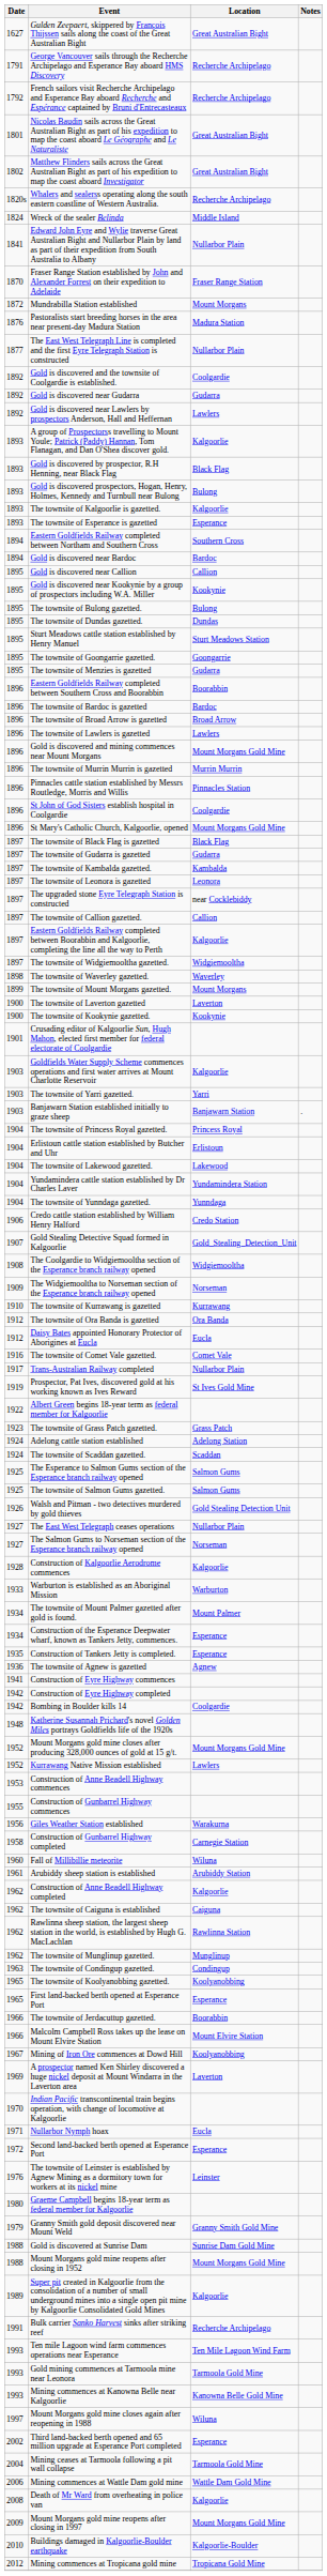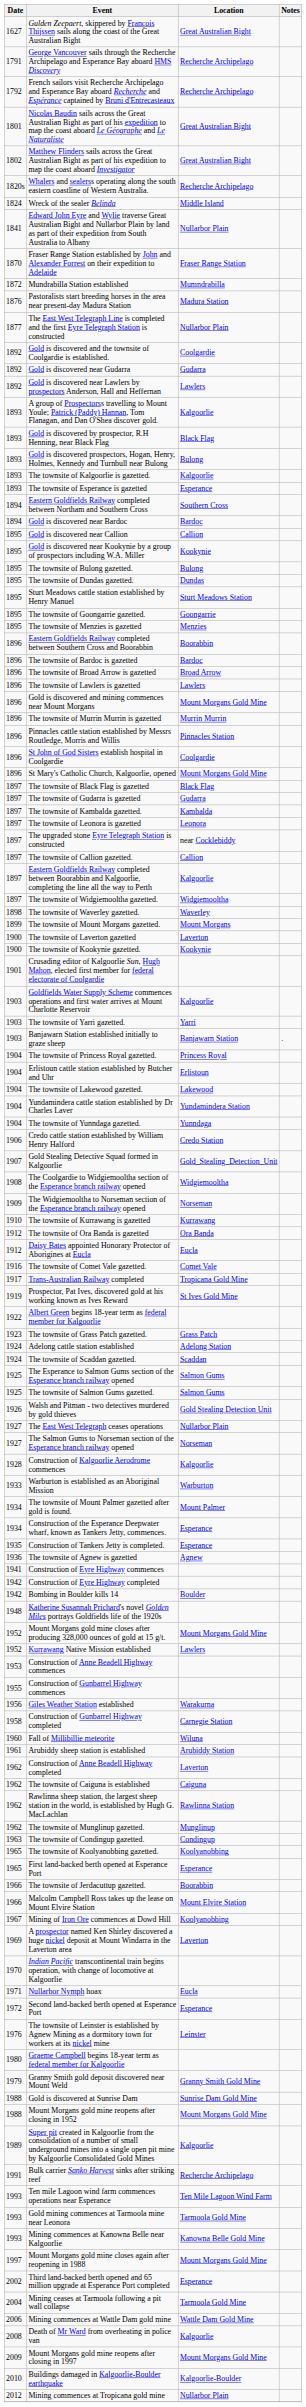 <table class=wikitable>
 <tr>
 <th>Date</th>
 <th>Event</th>
 <th>Location</th>
 <th>Notes</th>
 </tr>
 <tr>
 <td>1627</td>
 <td><em>Gulden Zeepaert</em>, skippered by <a href='#'>François Thijssen</a> sails along the coast of the Great Australian Bight</td>
 <td><a href='#'>Great Australian Bight</a></td>
 <td></td>
 </tr>
 <tr>
 <td>1791</td>
 <td><a href='#'>George Vancouver</a> sails through the Recherche Archipelago and Esperance Bay aboard <a href='#'>HMS <em>Discovery</em></a></td>
 <td><a href='#'>Recherche Archipelago</a></td>
 <td></td>
 </tr>
 <tr>
 <td>1792</td>
 <td>French sailors visit Recherche Archipelago and Esperance Bay aboard <em><a href='#'>Recherche</a></em> and <em><a href='#'>Espérance</a></em> captained by <a href='#'>Bruni d'Entrecasteaux</a></td>
 <td><a href='#'>Recherche Archipelago</a></td>
 <td></td>
 </tr>
 <tr>
 <td>1801</td>
 <td><a href='#'>Nicolas Baudin</a> sails across the Great Australian Bight as part of his <a href='#'>expedition</a> to map the coast aboard <a href='#'><em>Le Géographe</em></a> and <a href='#'><em>Le Naturaliste</em></a></td>
 <td><a href='#'>Great Australian Bight</a></td>
 <td></td>
 </tr>
 <tr>
 <td>1802</td>
 <td><a href='#'>Matthew Flinders</a> sails across the Great Australian Bight as part of his expedition to map the coast aboard <em><a href='#'>Investigator</a></em></td>
 <td><a href='#'>Great Australian Bight</a></td>
 <td></td>
 </tr>
 <tr>
 <td>1820s</td>
 <td><a href='#'>Whalers</a> and <a href='#'>sealers</a>s operating along the south eastern coastline of Western Australia.</td>
 <td><a href='#'>Recherche Archipelago</a></td>
 <td></td>
 </tr>
 <tr>
 <td>1824</td>
 <td>Wreck of the sealer <em><a href='#'>Belinda</a></em></td>
 <td><a href='#'>Middle Island</a></td>
 <td></td>
 </tr>
 <tr>
 <td>1841</td>
 <td><a href='#'>Edward John Eyre</a> and <a href='#'>Wylie</a> traverse Great Australian Bight and Nullarbor Plain by land as part of their expedition from South Australia to Albany</td>
 <td><a href='#'>Nullarbor Plain</a></td>
 <td></td>
 </tr>
 <tr>
 <td>1870</td>
 <td>Fraser Range Station established by <a href='#'>John</a> and <a href='#'>Alexander Forrest</a> on their expedition to <a href='#'>Adelaide</a></td>
 <td><a href='#'>Fraser Range Station</a></td>
 <td></td>
 </tr>
 <tr>
 <td>1872</td>
 <td>Mundrabilla Station established</td>
-<td><a href='#'>Mount Morgans</a></td>
+<td><a href='#'>Mumndrabilla</a></td>
 <td></td>
 </tr>
 <tr>
 <td>1876</td>
 <td>Pastoralists start breeding horses in the area near present-day Madura Station</td>
 <td><a href='#'>Madura Station</a></td>
 <td></td>
 </tr>
 <tr>
 <td>1877</td>
 <td>The <a href='#'>East West Telegraph Line</a> is completed and the first <a href='#'>Eyre Telegraph Station</a> is constructed</td>
 <td><a href='#'>Nullarbor Plain</a></td>
 <td></td>
 </tr>
 <tr>
 <td>1892</td>
 <td><a href='#'>Gold</a> is discovered and the townsite of Coolgardie is established.</td>
 <td><a href='#'>Coolgardie</a></td>
 <td></td>
 </tr>
 <tr>
 <td>1892</td>
 <td><a href='#'>Gold</a> is discovered near Gudarra</td>
 <td><a href='#'>Gudarra</a></td>
 <td></td>
 </tr>
 <tr>
 <td>1892</td>
 <td><a href='#'>Gold</a> is discovered near Lawlers by <a href='#'>prospectors</a> Anderson, Hall and Heffernan</td>
 <td><a href='#'>Lawlers</a></td>
 <td></td>
 </tr>
 <tr>
 <td>1893</td>
 <td>A group of <a href='#'>Prospectors</a>s travelling to Mount Youle; <a href='#'>Patrick (Paddy) Hannan</a>, Tom Flanagan, and Dan O'Shea discover gold.</td>
 <td><a href='#'>Kalgoorlie</a></td>
 <td></td>
 </tr>
 <tr>
 <td>1893</td>
 <td><a href='#'>Gold</a> is discovered by prospector, R.H Henning, near Black Flag</td>
 <td><a href='#'>Black Flag</a></td>
 <td></td>
 </tr>
 <tr>
 <td>1893</td>
 <td><a href='#'>Gold</a> is discovered prospectors, Hogan, Henry, Holmes, Kennedy and Turnbull near Bulong</td>
 <td><a href='#'>Bulong</a></td>
 <td></td>
 </tr>
 <tr>
 <td>1893</td>
 <td>The townsite of Kalgoorlie is gazetted.</td>
 <td><a href='#'>Kalgoorlie</a></td>
 <td></td>
 </tr>
 <tr>
 <td>1893</td>
 <td>The townsite of Esperance is gazetted</td>
 <td><a href='#'>Esperance</a></td>
 <td></td>
 </tr>
 <tr>
 <td>1894</td>
 <td><a href='#'>Eastern Goldfields Railway</a> completed between Northam and Southern Cross</td>
 <td><a href='#'>Southern Cross</a></td>
 <td></td>
 </tr>
 <tr>
 <td>1894</td>
 <td><a href='#'>Gold</a> is discovered near Bardoc</td>
 <td><a href='#'>Bardoc</a></td>
 <td></td>
 </tr>
 <tr>
 <td>1895</td>
 <td><a href='#'>Gold</a> is discovered near Callion</td>
 <td><a href='#'>Callion</a></td>
 <td></td>
 </tr>
 <tr>
 <td>1895</td>
 <td><a href='#'>Gold</a> is discovered near Kookynie by a group of prospectors including W.A. Miller</td>
 <td><a href='#'>Kookynie</a></td>
 <td></td>
 </tr>
 <tr>
 <td>1895</td>
 <td>The townsite of Bulong gazetted.</td>
 <td><a href='#'>Bulong</a></td>
 <td></td>
 </tr>
 <tr>
 <td>1895</td>
 <td>The townsite of Dundas gazetted.</td>
 <td><a href='#'>Dundas</a></td>
 <td></td>
 </tr>
 <tr>
 <td>1895</td>
 <td>Sturt Meadows cattle station established by Henry Manuel</td>
 <td><a href='#'>Sturt Meadows Station</a></td>
 <td></td>
 </tr>
 <tr>
 <td>1895</td>
 <td>The townsite of Goongarrie gazetted.</td>
 <td><a href='#'>Goongarrie</a></td>
 <td></td>
 </tr>
 <tr>
 <td>1895</td>
 <td>The townsite of Menzies is gazetted</td>
-<td><a href='#'>Gudarra</a></td>
+<td><a href='#'>Menzies</a></td>
 <td></td>
 </tr>
 <tr>
 <td>1896</td>
 <td><a href='#'>Eastern Goldfields Railway</a> completed between Southern Cross and Boorabbin</td>
 <td><a href='#'>Boorabbin</a></td>
 <td></td>
 </tr>
 <tr>
 <td>1896</td>
 <td>The townsite of Bardoc is gazetted</td>
 <td><a href='#'>Bardoc</a></td>
 <td></td>
 </tr>
 <tr>
 <td>1896</td>
 <td>The townsite of Broad Arrow is gazetted</td>
 <td><a href='#'>Broad Arrow</a></td>
 <td></td>
 </tr>
 <tr>
 <td>1896</td>
 <td>The townsite of Lawlers is gazetted</td>
 <td><a href='#'>Lawlers</a></td>
 <td></td>
 </tr>
 <tr>
 <td>1896</td>
 <td>Gold is discovered and mining commences near Mount Morgans</td>
 <td><a href='#'>Mount Morgans Gold Mine</a></td>
 <td></td>
 </tr>
 <tr>
 <td>1896</td>
 <td>The townsite of Murrin Murrin is gazetted</td>
 <td><a href='#'>Murrin Murrin</a></td>
 <td></td>
 </tr>
 <tr>
 <td>1896</td>
 <td>Pinnacles cattle station established by Messrs Routledge, Morris and Willis</td>
 <td><a href='#'>Pinnacles Station</a></td>
 <td></td>
 </tr>
 <tr>
 <td>1896</td>
 <td><a href='#'>St John of God Sisters</a> establish hospital in Coolgardie</td>
 <td><a href='#'>Coolgardie</a></td>
 <td></td>
 </tr>
 <tr>
 <td>1896</td>
 <td>St Mary's Catholic Church, Kalgoorlie, opened</td>
 <td><a href='#'>Mount Morgans Gold Mine</a></td>
 <td></td>
 </tr>
 <tr>
 <td>1897</td>
 <td>The townsite of Black Flag is gazetted</td>
 <td><a href='#'>Black Flag</a></td>
 <td></td>
 </tr>
 <tr>
 <td>1897</td>
 <td>The townsite of Gudarra is gazetted</td>
 <td><a href='#'>Gudarra</a></td>
 <td></td>
 </tr>
 <tr>
 <td>1897</td>
 <td>The townsite of Kambalda gazetted.</td>
 <td><a href='#'>Kambalda</a></td>
 <td></td>
 </tr>
 <tr>
 <td>1897</td>
 <td>The townsite of Leonora is gazetted</td>
 <td><a href='#'>Leonora</a></td>
 <td></td>
 </tr>
 <tr>
 <td>1897</td>
 <td>The upgraded stone <a href='#'>Eyre Telegraph Station</a> is constructed</td>
 <td>near <a href='#'>Cocklebiddy</a></td>
 <td></td>
 </tr>
 <tr>
 <td>1897</td>
 <td>The townsite of Callion gazetted.</td>
 <td><a href='#'>Callion</a></td>
 <td></td>
 </tr>
 <tr>
 <td>1897</td>
 <td><a href='#'>Eastern Goldfields Railway</a> completed between Boorabbin and Kalgoorlie, completing the line all the way to Perth</td>
 <td><a href='#'>Kalgoorlie</a></td>
 <td></td>
 </tr>
 <tr>
 <td>1897</td>
 <td>The townsite of Widgiemooltha gazetted.</td>
 <td><a href='#'>Widgiemooltha</a></td>
 <td></td>
 </tr>
 <tr>
 <td>1898</td>
 <td>The townsite of Waverley gazetted.</td>
 <td><a href='#'>Waverley</a></td>
 <td></td>
 </tr>
 <tr>
 <td>1899</td>
 <td>The townsite of Mount Morgans gazetted.</td>
 <td><a href='#'>Mount Morgans</a></td>
 <td></td>
 </tr>
 <tr>
 <td>1900</td>
 <td>The townsite of Laverton gazetted</td>
 <td><a href='#'>Laverton</a></td>
 <td></td>
 </tr>
 <tr>
 <td>1900</td>
 <td>The townsite of Kookynie gazetted.</td>
 <td><a href='#'>Kookynie</a></td>
 <td></td>
 </tr>
 <tr>
 <td>1901</td>
 <td>Crusading editor of Kalgoorlie <em>Sun</em>, <a href='#'>Hugh Mahon</a>, elected first member for <a href='#'>federal electorate of Coolgardie</a></td>
 <td></td>
 <td></td>
 </tr>
 <tr>
 <td>1903</td>
 <td><a href='#'>Goldfields Water Supply Scheme</a> commences operations and first water arrives at Mount Charlotte Reservoir</td>
 <td><a href='#'>Kalgoorlie</a></td>
 <td></td>
 </tr>
 <tr>
 <td>1903</td>
 <td>The townsite of Yarri gazetted.</td>
 <td><a href='#'>Yarri</a></td>
 <td></td>
 </tr>
 <tr>
 <td>1903</td>
 <td>Banjawarn Station established initially to graze sheep</td>
 <td><a href='#'>Banjawarn Station</a></td>
 <td>.</td>
 </tr>
 <tr>
 <td>1904</td>
 <td>The townsite of Princess Royal gazetted.</td>
 <td><a href='#'>Princess Royal</a></td>
 <td></td>
 </tr>
 <tr>
 <td>1904</td>
 <td>Erlistoun cattle station established by Butcher and Uhr</td>
 <td><a href='#'>Erlistoun</a></td>
 <td></td>
 </tr>
 <tr>
 <td>1904</td>
 <td>The townsite of Lakewood gazetted.</td>
 <td><a href='#'>Lakewood</a></td>
 <td></td>
 </tr>
 <tr>
 <td>1904</td>
 <td>Yundamindera cattle station established by Dr Charles Laver</td>
 <td><a href='#'>Yundamindera Station</a></td>
 <td></td>
 </tr>
 <tr>
 <td>1904</td>
 <td>The townsite of Yunndaga gazetted.</td>
 <td><a href='#'>Yunndaga</a></td>
 <td></td>
 </tr>
 <tr>
 <td>1906</td>
 <td>Credo cattle station established by William Henry Halford</td>
 <td><a href='#'>Credo Station</a></td>
 <td></td>
 </tr>
 <tr>
 <td>1907</td>
 <td>Gold Stealing Detective Squad formed in Kalgoorlie</td>
 <td><a href='#'>Gold_Stealing_Detection_Unit</a></td>
 <td></td>
 </tr>
 <tr>
 <td>1908</td>
 <td>The Coolgardie to Widgiemooltha section of the <a href='#'>Esperance branch railway</a> opened</td>
 <td><a href='#'>Widgiemooltha</a></td>
 <td></td>
 </tr>
 <tr>
 <td>1909</td>
 <td>The Widgiemooltha to Norseman section of the <a href='#'>Esperance branch railway</a> opened</td>
 <td><a href='#'>Norseman</a></td>
 <td></td>
 </tr>
 <tr>
 <td>1910</td>
 <td>The townsite of Kurrawang is gazetted</td>
 <td><a href='#'>Kurrawang</a></td>
 <td></td>
 </tr>
 <tr>
 <td>1912</td>
 <td>The townsite of Ora Banda is gazetted</td>
 <td><a href='#'>Ora Banda</a></td>
 <td></td>
 </tr>
 <tr>
 <td>1912</td>
 <td><a href='#'>Daisy Bates</a> appointed Honorary Protector of Aborigines at <a href='#'>Eucla</a></td>
 <td><a href='#'>Eucla</a></td>
 <td></td>
 </tr>
 <tr>
 <td>1916</td>
 <td>The townsite of Comet Vale gazetted.</td>
 <td><a href='#'>Comet Vale</a></td>
 <td></td>
 </tr>
 <tr>
 <td>1917</td>
 <td><a href='#'>Trans-Australian Railway</a> completed</td>
-<td><a href='#'>Nullarbor Plain</a></td>
+<td><a href='#'>Tropicana Gold Mine</a></td>
 <td></td>
 </tr>
 <tr>
 <td>1919</td>
 <td>Prospector, Pat Ives, discovered gold at his working known as Ives Reward</td>
 <td><a href='#'>St Ives Gold Mine</a></td>
 <td></td>
 </tr>
 <tr>
 <td>1922</td>
 <td><a href='#'>Albert Green</a> begins 18-year term as <a href='#'>federal member for Kalgoorlie</a></td>
 <td></td>
 <td></td>
 </tr>
 <tr>
 <td>1923</td>
 <td>The townsite of Grass Patch gazetted.</td>
 <td><a href='#'>Grass Patch</a></td>
 <td></td>
 </tr>
 <tr>
 <td>1924</td>
 <td>Adelong cattle station established</td>
 <td><a href='#'>Adelong Station</a></td>
 <td></td>
 </tr>
 <tr>
 <td>1924</td>
 <td>The townsite of Scaddan gazetted.</td>
 <td><a href='#'>Scaddan</a></td>
 <td></td>
 </tr>
 <tr>
 <td>1925</td>
 <td>The Esperance to Salmon Gums section of the <a href='#'>Esperance branch railway</a> opened</td>
 <td><a href='#'>Salmon Gums</a></td>
 <td></td>
 </tr>
 <tr>
 <td>1925</td>
 <td>The townsite of Salmon Gums gazetted.</td>
 <td><a href='#'>Salmon Gums</a></td>
 <td></td>
 </tr>
 <tr>
 <td>1926</td>
 <td>Walsh and Pitman - two detectives murdered by gold thieves</td>
 <td><a href='#'>Gold Stealing Detection Unit</a></td>
 <td></td>
 </tr>
 <tr>
 <td>1927</td>
 <td>The <a href='#'>East West Telegraph</a> ceases operations</td>
 <td><a href='#'>Nullarbor Plain</a></td>
 <td></td>
 </tr>
 <tr>
 <td>1927</td>
 <td>The Salmon Gums to Norseman section of the <a href='#'>Esperance branch railway</a> opened</td>
 <td><a href='#'>Norseman</a></td>
 <td></td>
 </tr>
 <tr>
 <td>1928</td>
 <td>Construction of <a href='#'>Kalgoorlie Aerodrome</a> commences</td>
 <td><a href='#'>Kalgoorlie</a></td>
 <td></td>
 </tr>
 <tr>
 <td>1933</td>
 <td>Warburton is established as an Aboriginal Mission</td>
 <td><a href='#'>Warburton</a></td>
 <td></td>
 </tr>
 <tr>
 <td>1934</td>
 <td>The townsite of Mount Palmer gazetted after gold is found.</td>
 <td><a href='#'>Mount Palmer</a></td>
 <td></td>
 </tr>
 <tr>
 <td>1934</td>
 <td>Construction of the Esperance Deepwater wharf, known as Tankers Jetty, commences.</td>
 <td><a href='#'>Esperance</a></td>
 <td></td>
 </tr>
 <tr>
 <td>1935</td>
 <td>Construction of Tankers Jetty is completed.</td>
 <td><a href='#'>Esperance</a></td>
 <td></td>
 </tr>
 <tr>
 <td>1936</td>
 <td>The townsite of Agnew is gazetted</td>
 <td><a href='#'>Agnew</a></td>
 <td></td>
 </tr>
 <tr>
 <td>1941</td>
 <td>Construction of <a href='#'>Eyre Highway</a> commences</td>
 <td></td>
 <td></td>
 </tr>
 <tr>
 <td>1942</td>
 <td>Construction of <a href='#'>Eyre Highway</a> completed</td>
 <td></td>
 <td></td>
 </tr>
 <tr>
 <td>1942</td>
 <td>Bombing in Boulder kills 14</td>
-<td><a href='#'>Coolgardie</a></td>
+<td><a href='#'>Boulder</a></td>
 <td></td>
 </tr>
 <tr>
 <td>1948</td>
 <td><a href='#'>Katherine Susannah Prichard</a>'s novel <em><a href='#'>Golden Miles</a></em> portrays Goldfields life of the 1920s</td>
 <td></td>
 <td></td>
 </tr>
 <tr>
 <td>1952</td>
 <td>Mount Morgans gold mine closes after producing 328,000 ounces of gold at 15 g/t.</td>
 <td><a href='#'>Mount Morgans Gold Mine</a></td>
 <td></td>
 </tr>
 <tr>
 <td>1952</td>
 <td><a href='#'>Kurrawang</a> Native Mission established</td>
 <td><a href='#'>Lawlers</a></td>
 <td></td>
 </tr>
 <tr>
 <td>1953</td>
 <td>Construction of <a href='#'>Anne Beadell Highway</a> commences</td>
 <td></td>
 <td></td>
 </tr>
 <tr>
 <td>1955</td>
 <td>Construction of <a href='#'>Gunbarrel Highway</a> commences</td>
 <td></td>
 <td></td>
 </tr>
 <tr>
 <td>1956</td>
 <td><a href='#'>Giles Weather Station</a> established</td>
 <td><a href='#'>Warakurna</a></td>
 <td></td>
 </tr>
 <tr>
 <td>1958</td>
 <td>Construction of <a href='#'>Gunbarrel Highway</a> completed</td>
 <td><a href='#'>Carnegie Station</a></td>
 <td></td>
 </tr>
 <tr>
 <td>1960</td>
 <td>Fall of <a href='#'>Millibillie meteorite</a></td>
 <td><a href='#'>Wiluna</a></td>
 <td></td>
 </tr>
 <tr>
 <td>1961</td>
 <td>Arubiddy sheep station is established</td>
 <td><a href='#'>Arubiddy Station</a></td>
 <td></td>
 </tr>
 <tr>
 <td>1962</td>
 <td>Construction of <a href='#'>Anne Beadell Highway</a> completed</td>
-<td><a href='#'>Kalgoorlie</a></td>
+<td><a href='#'>Laverton</a></td>
 <td></td>
 </tr>
 <tr>
 <td>1962</td>
 <td>The townsite of Caiguna is established</td>
 <td><a href='#'>Caiguna</a></td>
 <td></td>
 </tr>
 <tr>
 <td>1962</td>
 <td>Rawlinna sheep station, the largest sheep station in the world, is established by Hugh G. MacLachlan</td>
 <td><a href='#'>Rawlinna Station</a></td>
 <td></td>
 </tr>
 <tr>
 <td>1962</td>
 <td>The townsite of Munglinup gazetted.</td>
 <td><a href='#'>Munglinup</a></td>
 <td></td>
 </tr>
 <tr>
 <td>1963</td>
 <td>The townsite of Condingup gazetted.</td>
 <td><a href='#'>Condingup</a></td>
 <td></td>
 </tr>
 <tr>
 <td>1965</td>
 <td>The townsite of Koolyanobbing gazetted.</td>
 <td><a href='#'>Koolyanobbing</a></td>
 <td></td>
 </tr>
 <tr>
 <td>1965</td>
 <td>First land-backed berth opened at Esperance Port</td>
 <td><a href='#'>Esperance</a></td>
 <td></td>
 </tr>
 <tr>
 <td>1966</td>
 <td>The townsite of Jerdacuttup gazetted.</td>
 <td><a href='#'>Boorabbin</a></td>
 <td></td>
 </tr>
 <tr>
 <td>1966</td>
 <td>Malcolm Campbell Ross takes up the lease on Mount Elvire Station</td>
 <td><a href='#'>Mount Elvire Station</a></td>
 <td></td>
 </tr>
 <tr>
 <td>1967</td>
 <td>Mining of <a href='#'>Iron Ore</a> commences at Dowd Hill</td>
 <td><a href='#'>Koolyanobbing</a></td>
 <td></td>
 </tr>
 <tr>
 <td>1969</td>
 <td>A <a href='#'>prospector</a> named Ken Shirley discovered a huge <a href='#'>nickel</a> deposit at Mount Windarra in the Laverton area</td>
 <td><a href='#'>Laverton</a></td>
 <td></td>
 </tr>
 <tr>
 <td>1970</td>
 <td><em><a href='#'>Indian Pacific</a></em> transcontinental train begins operation, with change of locomotive at Kalgoorlie</td>
 <td></td>
 </tr>
 <tr>
 <td>1971</td>
 <td><a href='#'>Nullarbor Nymph</a> hoax</td>
 <td><a href='#'>Eucla</a></td>
 <td></td>
 </tr>
 <tr>
 <td>1972</td>
 <td>Second land-backed berth opened at Esperance Port</td>
 <td><a href='#'>Esperance</a></td>
 <td></td>
 </tr>
 <tr>
 <td>1976</td>
 <td>The townsite of Leinster is established by Agnew Mining as a dormitory town for workers at its <a href='#'>nickel</a> mine</td>
 <td><a href='#'>Leinster</a></td>
 <td></td>
 </tr>
 <tr>
 <td>1980</td>
 <td><a href='#'>Graeme Campbell</a> begins 18-year term as <a href='#'>federal member for Kalgoorlie</a></td>
 <td></td>
 <td></td>
 </tr>
 <tr>
 <td>1979</td>
 <td>Granny Smith gold deposit discovered near Mount Weld</td>
 <td><a href='#'>Granny Smith Gold Mine</a></td>
 <td></td>
 </tr>
 <tr>
 <td>1988</td>
 <td>Gold is discovered at Sunrise Dam</td>
 <td><a href='#'>Sunrise Dam Gold Mine</a></td>
 <td></td>
 </tr>
 <tr>
 <td>1988</td>
 <td>Mount Morgans gold mine reopens after closing in 1952</td>
 <td><a href='#'>Mount Morgans Gold Mine</a></td>
 <td></td>
 </tr>
 <tr>
 <td>1989</td>
 <td><a href='#'>Super pit</a> created in Kalgoorlie from the consolidation of a number of small underground mines into a single open pit mine by Kalgoorlie Consolidated Gold Mines</td>
 <td><a href='#'>Kalgoorlie</a></td>
 <td></td>
 </tr>
 <tr>
 <td>1991</td>
 <td>Bulk carrier <em><a href='#'>Sanko Harvest</a></em> sinks after striking reef</td>
 <td><a href='#'>Recherche Archipelago</a></td>
 <td></td>
 </tr>
 <tr>
 <td>1993</td>
 <td>Ten mile Lagoon wind farm commences operations near Esperance</td>
 <td><a href='#'>Ten Mile Lagoon Wind Farm</a></td>
 <td></td>
 </tr>
 <tr>
 <td>1993</td>
 <td>Gold mining commences at Tarmoola mine near Leonora</td>
 <td><a href='#'>Tarmoola Gold Mine</a></td>
 <td></td>
 </tr>
 <tr>
 <td>1993</td>
 <td>Mining commences at Kanowna Belle near Kalgoorlie</td>
 <td><a href='#'>Kanowna Belle Gold Mine</a></td>
 <td></td>
 </tr>
 <tr>
 <td>1997</td>
 <td>Mount Morgans gold mine closes again after reopening in 1988</td>
-<td><a href='#'>Wiluna</a></td>
+<td><a href='#'>Mount Morgans Gold Mine</a></td>
 <td></td>
 </tr>
 <tr>
 <td>2002</td>
 <td>Third land-backed berth opened and 65 million upgrade at Esperance Port completed</td>
 <td><a href='#'>Esperance</a></td>
 <td></td>
 </tr>
 <tr>
 <td>2004</td>
 <td>Mining ceases at Tarmoola following a pit wall collapse</td>
 <td><a href='#'>Tarmoola Gold Mine</a></td>
 <td></td>
 </tr>
 <tr>
 <td>2006</td>
 <td>Mining commences at Wattle Dam gold mine</td>
 <td><a href='#'>Wattle Dam Gold Mine</a></td>
 <td></td>
 </tr>
 <tr>
 <td>2008</td>
 <td>Death of <a href='#'>Mr Ward</a> from overheating in police van</td>
 <td><a href='#'>Kalgoorlie</a></td>
 <td></td>
 </tr>
 <tr>
 <td>2009</td>
 <td>Mount Morgans gold mine reopens after closing in 1997</td>
 <td><a href='#'>Mount Morgans Gold Mine</a></td>
 <td></td>
 </tr>
 <tr>
 <td>2010</td>
 <td>Buildings damaged in <a href='#'>Kalgoorlie-Boulder earthquake</a></td>
 <td><a href='#'>Kalgoorlie-Boulder</a></td>
 <td></td>
 </tr>
 <tr>
 <td>2012</td>
 <td>Mining commences at Tropicana gold mine</td>
-<td><a href='#'>Tropicana Gold Mine</a></td>
+<td><a href='#'>Nullarbor Plain</a></td>
 <td></td>
 </tr>
 <tr>
 </tr>
 </table>
